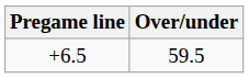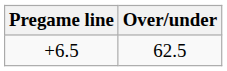 <table class="wikitable" style="margin-left: auto; margin-right: auto; border: none; display: inline-table;">
 <tr align="center">
 <th style=>Pregame line</th>
 <th style=>Over/under</th>
 </tr>
 <tr align="center">
 <td>+6.5</td>
-<td>59.5</td>
+<td>62.5</td>
 </tr>
 </table>
